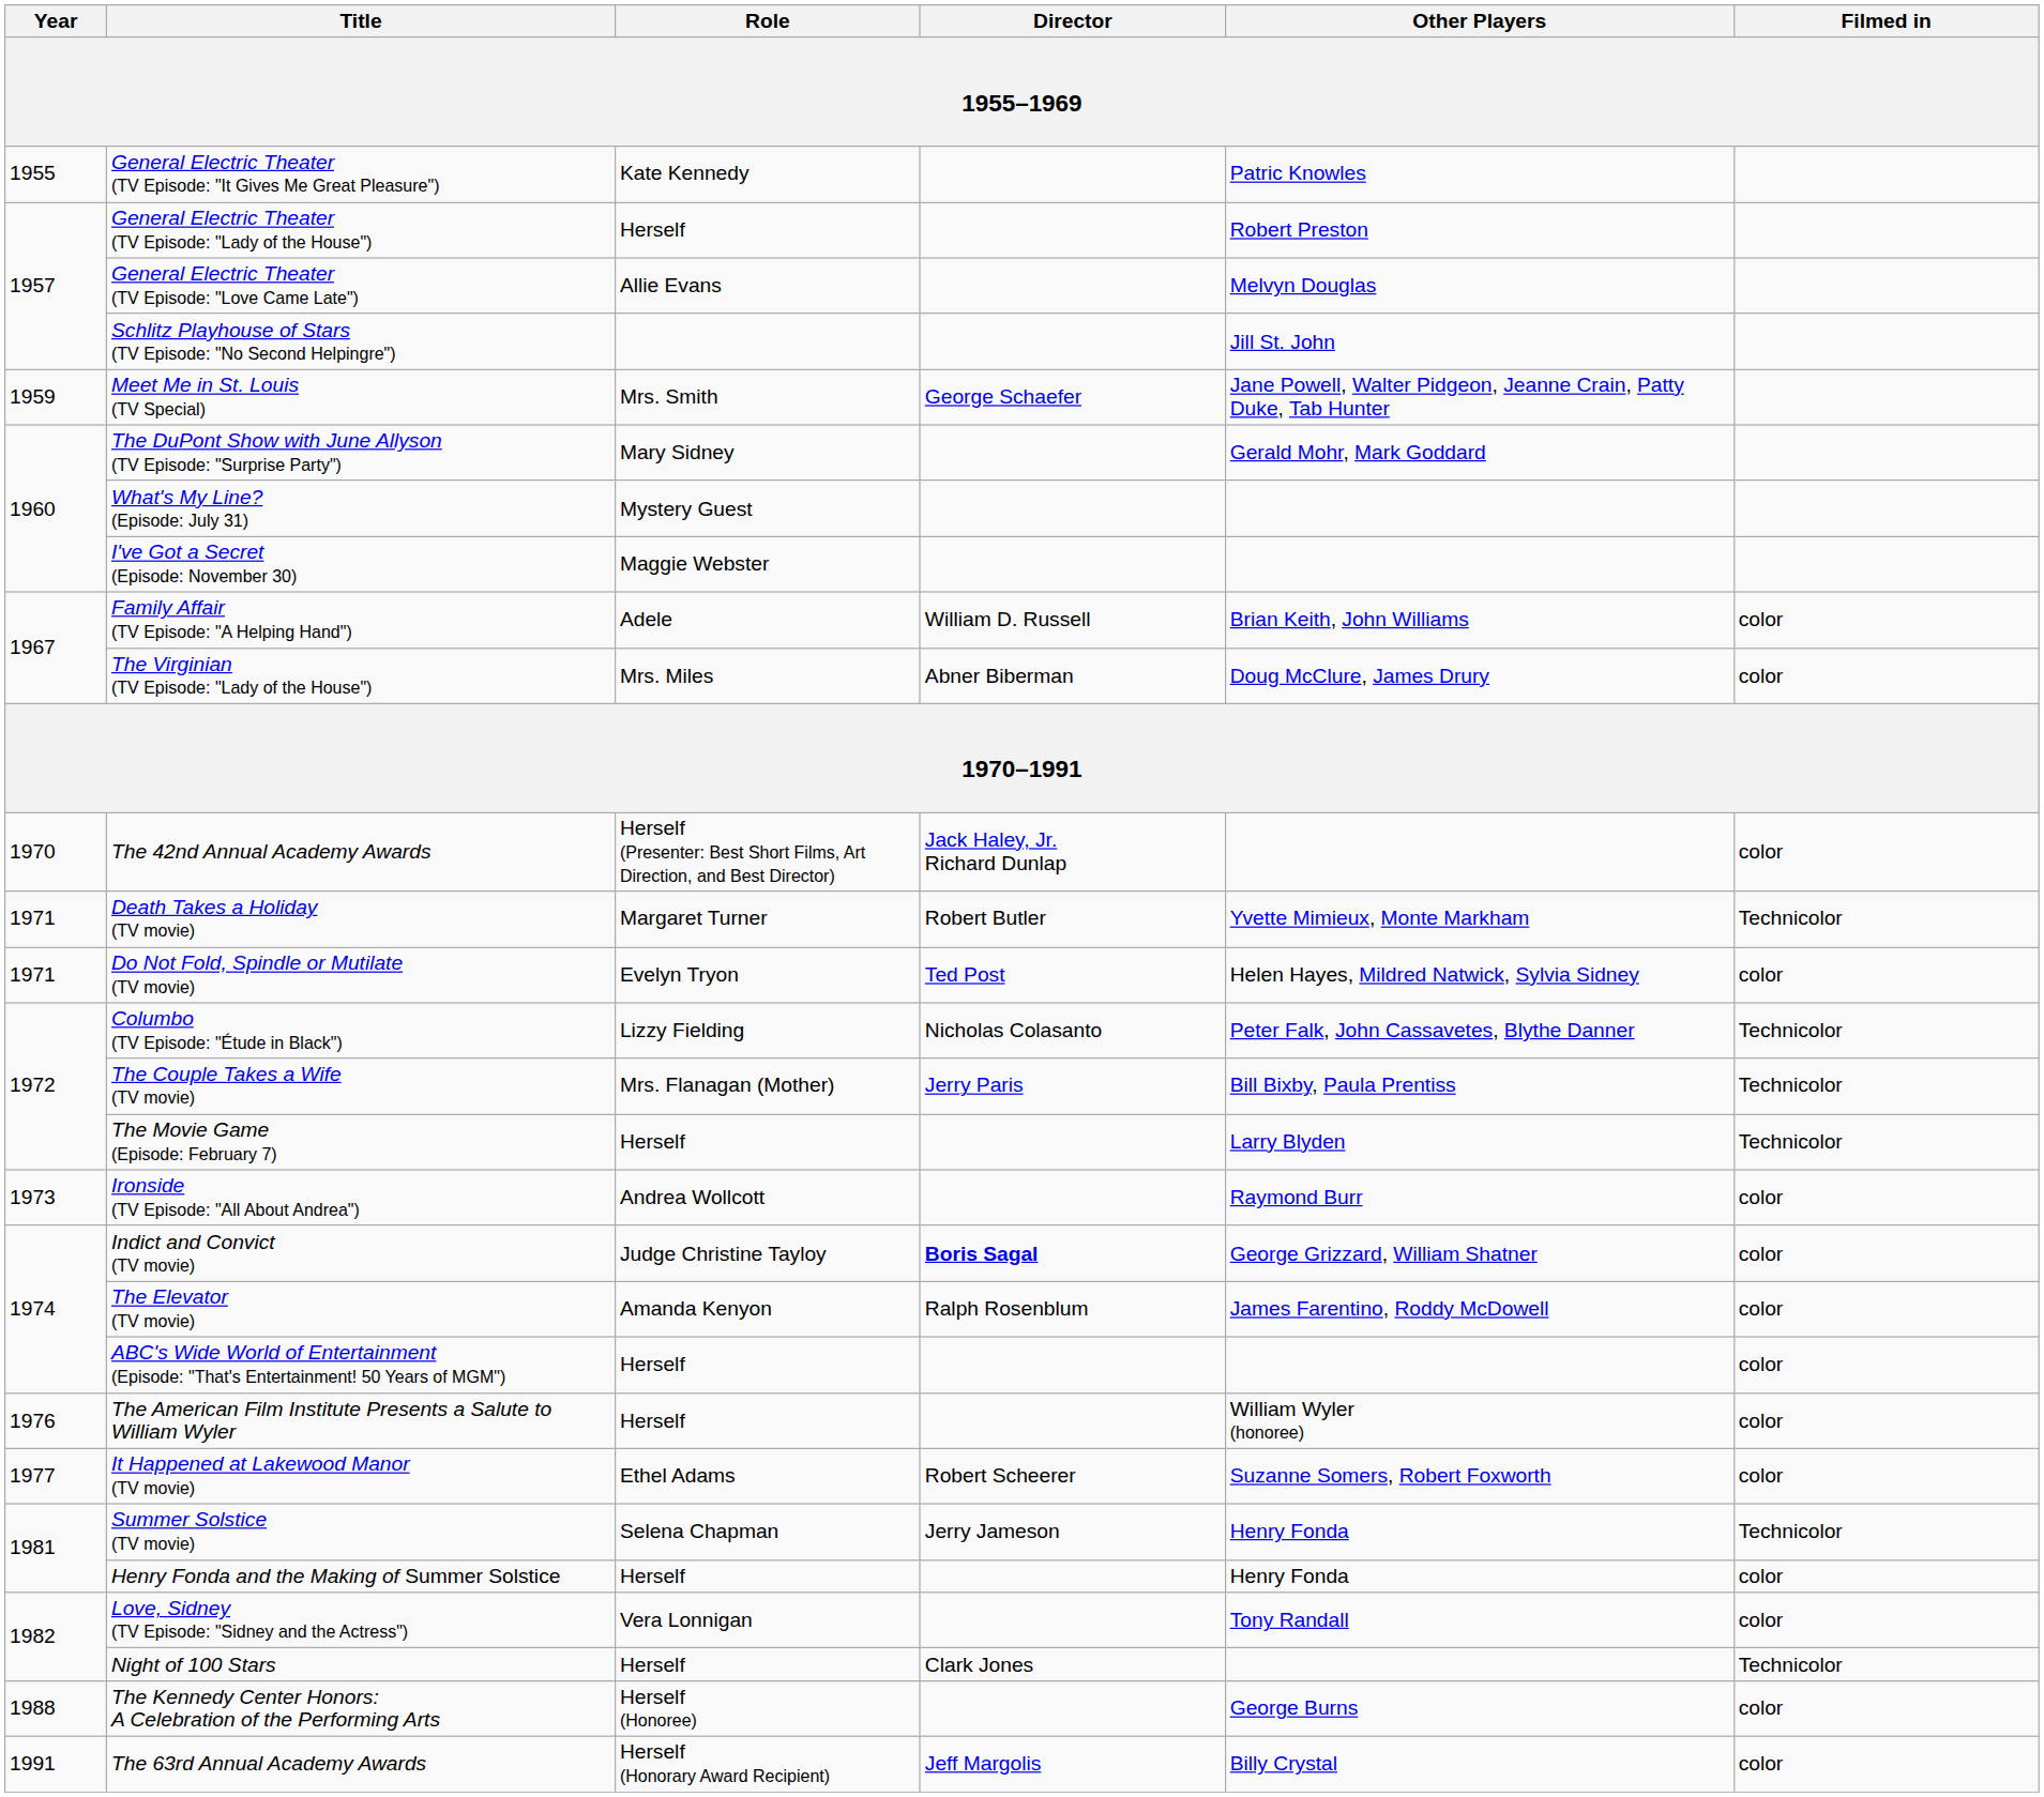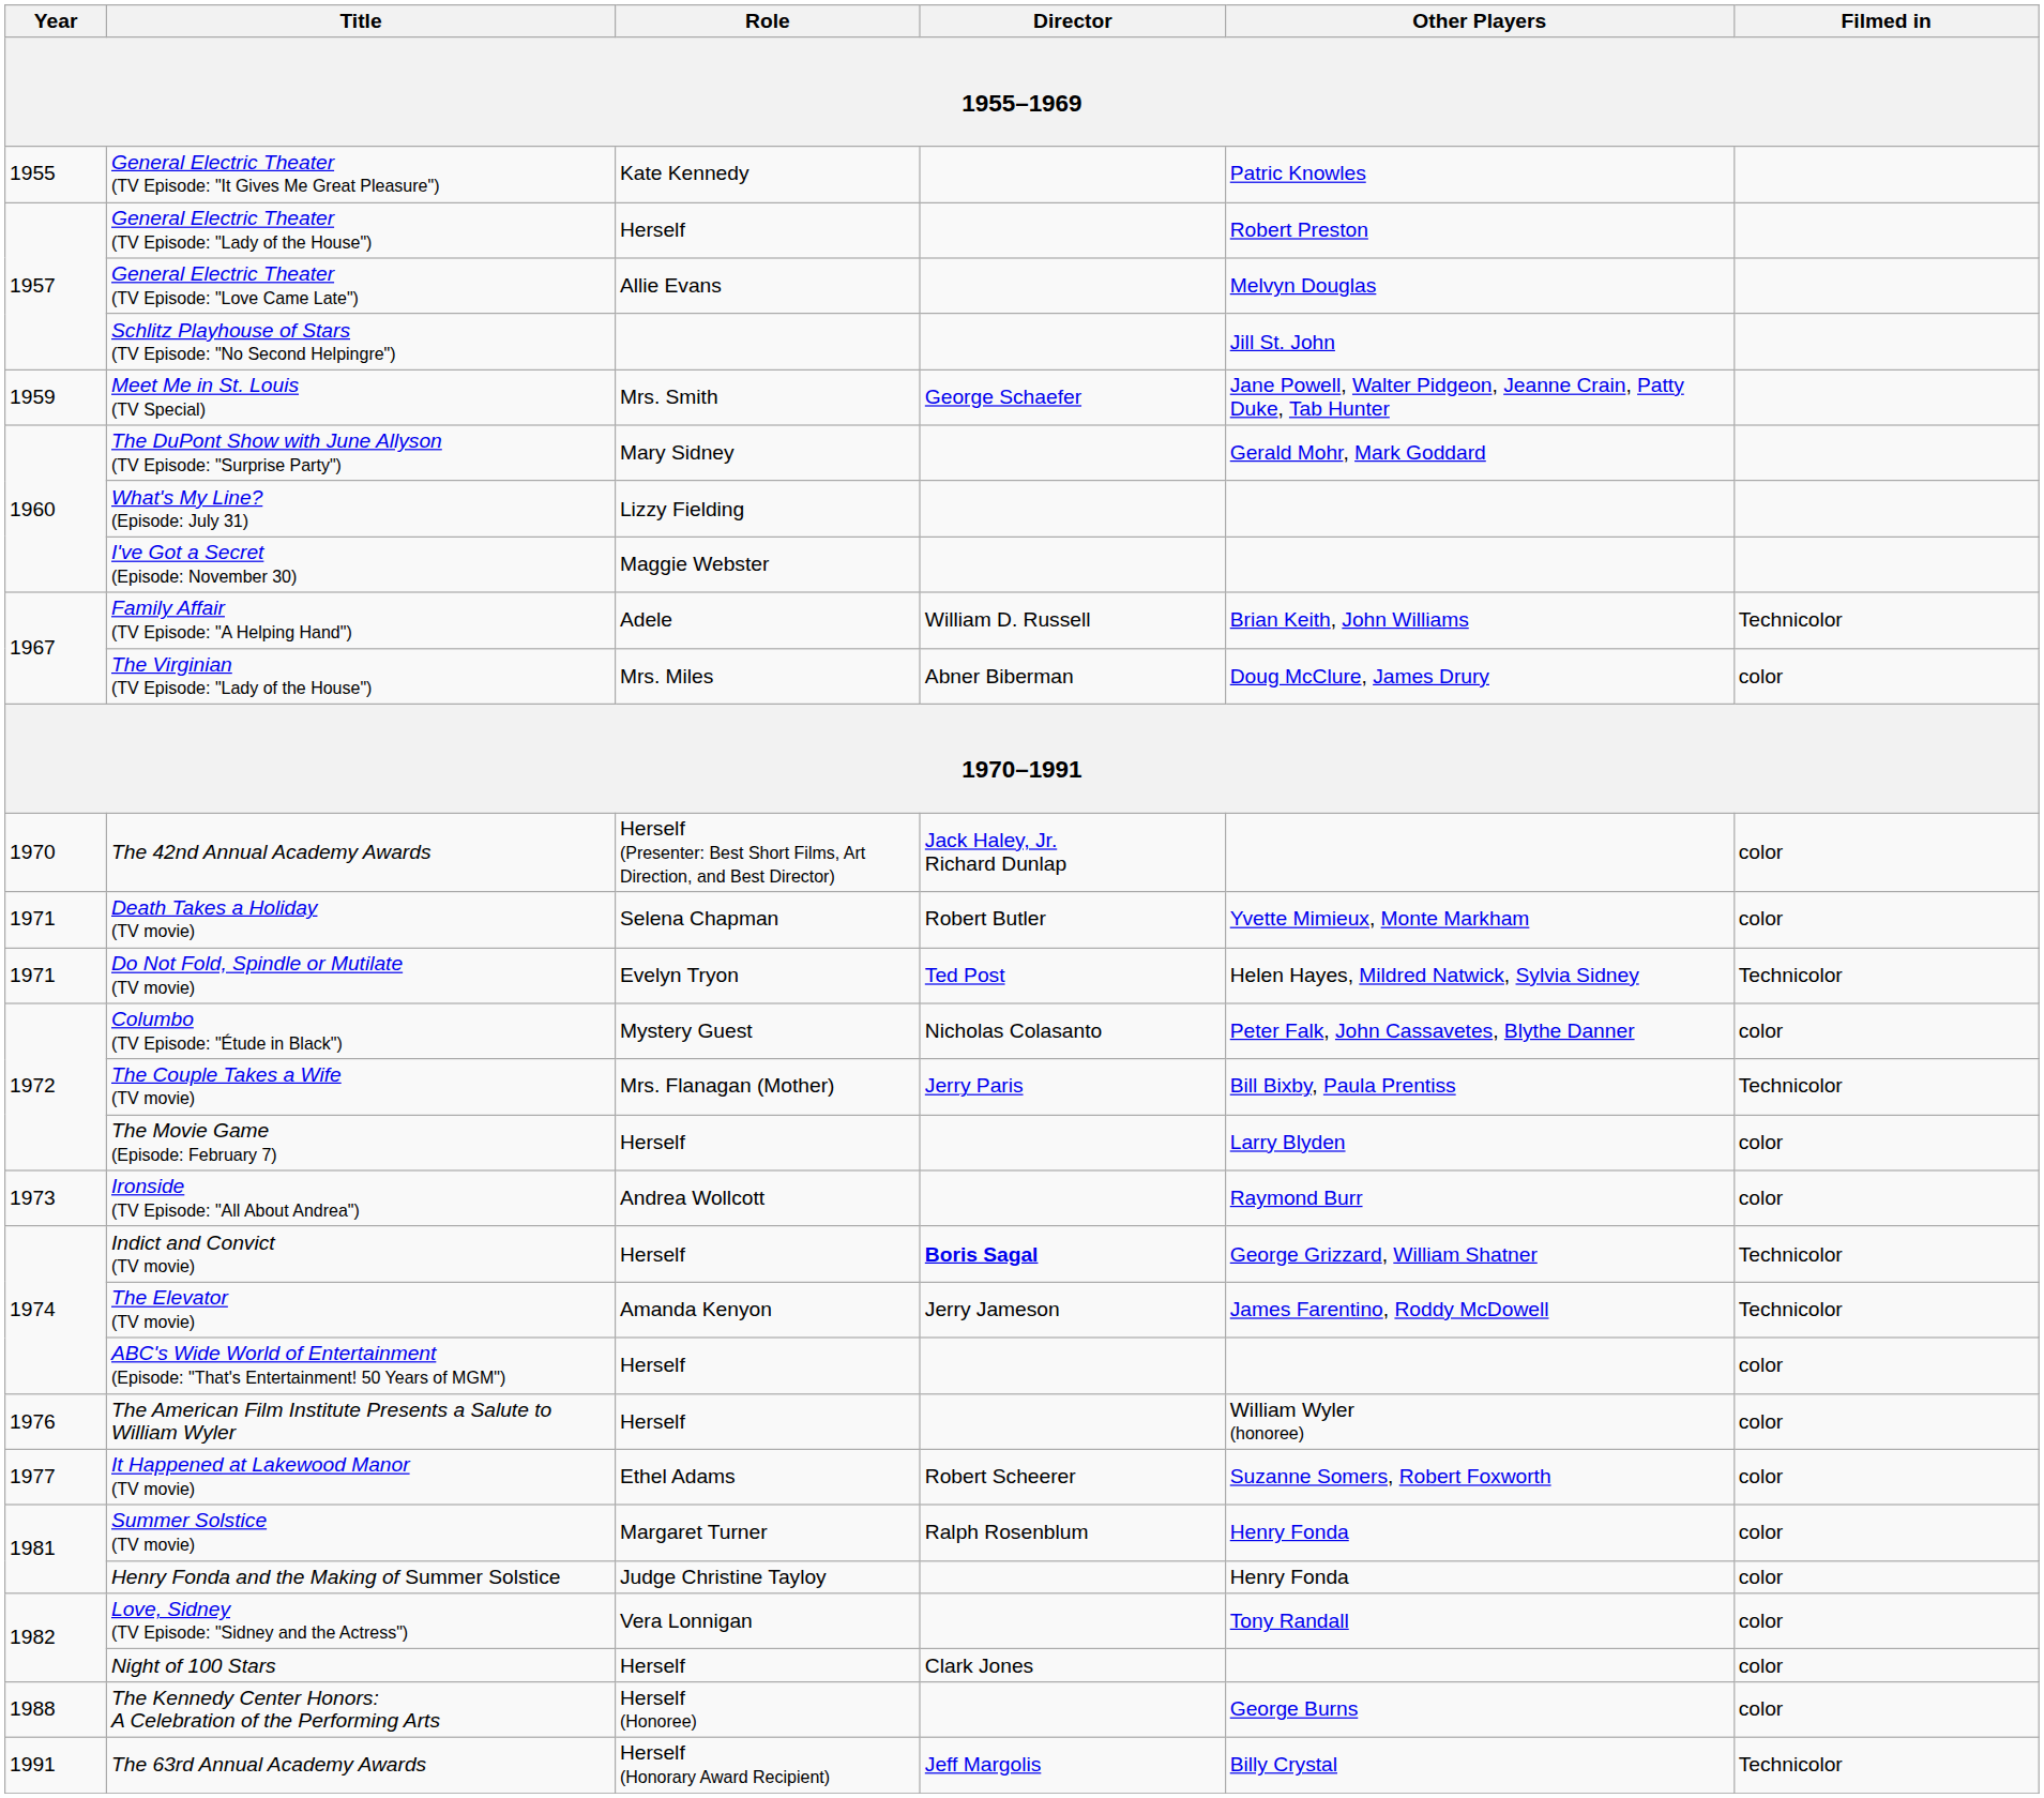 <table class="wikitable sortable" width="100%">
 <tr>
 <th width="5%">Year</th>
 <th width="25%">Title</th>
 <th width="15%">Role</th>
 <th width="15%">Director</th>
 <th width="25%" class="unsortable">Other Players</th>
 <th width="15%">Filmed in</th>
 </tr>
 <tr>
 <th colspan=6><br><h3>1955–1969</h3></th>
 </tr>
 <tr>
 <td>1955</td>
 <td><em><a href='#'>General Electric Theater</a></em><br><small>(TV Episode: "It Gives Me Great Pleasure")</small></td>
 <td>Kate Kennedy</td>
 <td></td>
 <td><a href='#'>Patric Knowles</a></td>
 <td></td>
 </tr>
 <tr>
 <td rowspan=3>1957</td>
 <td><em><a href='#'>General Electric Theater</a></em><br><small>(TV Episode: "Lady of the House")</small></td>
 <td>Herself</td>
 <td></td>
 <td><a href='#'>Robert Preston</a></td>
 <td></td>
 </tr>
 <tr>
 <td><em><a href='#'>General Electric Theater</a></em><br><small>(TV Episode: "Love Came Late")</small></td>
 <td>Allie Evans</td>
 <td></td>
 <td><a href='#'>Melvyn Douglas</a></td>
 <td></td>
 </tr>
 <tr>
 <td><em><a href='#'>Schlitz Playhouse of Stars</a></em><br><small>(TV Episode: "No Second Helpingre")</small></td>
 <td align=center></td>
 <td></td>
 <td><a href='#'>Jill St. John</a></td>
 <td></td>
 </tr>
 <tr>
 <td>1959</td>
 <td><em><a href='#'>Meet Me in St. Louis</a></em><br><small>(TV Special)</small></td>
 <td>Mrs. Smith</td>
 <td><a href='#'>George Schaefer</a></td>
 <td><a href='#'>Jane Powell</a>, <a href='#'>Walter Pidgeon</a>, <a href='#'>Jeanne Crain</a>, <a href='#'>Patty Duke</a>, <a href='#'>Tab Hunter</a></td>
 <td></td>
 </tr>
 <tr>
 <td rowspan=3>1960</td>
 <td><em><a href='#'>The DuPont Show with June Allyson</a></em><br><small>(TV Episode: "Surprise Party")</small></td>
 <td>Mary Sidney</td>
 <td></td>
 <td><a href='#'>Gerald Mohr</a>, <a href='#'>Mark Goddard</a></td>
 <td></td>
 </tr>
 <tr>
 <td><em><a href='#'>What's My Line?</a></em><br><small>(Episode: July 31)</small></td>
-<td>Mystery Guest</td>
+<td>Lizzy Fielding</td>
 <td></td>
 <td></td>
 <td></td>
 </tr>
 <tr>
 <td><em><a href='#'>I've Got a Secret</a></em><br><small>(Episode: November 30)</small></td>
 <td>Maggie Webster</td>
 <td></td>
 <td></td>
 <td></td>
 </tr>
 <tr>
 <td rowspan=2>1967</td>
 <td><em><a href='#'>Family Affair</a></em><br><small>(TV Episode: "A Helping Hand")</small></td>
 <td>Adele</td>
 <td>William D. Russell</td>
 <td><a href='#'>Brian Keith</a>, <a href='#'>John Williams</a></td>
-<td>color</td>
+<td>Technicolor</td>
 </tr>
 <tr>
 <td><em><a href='#'>The Virginian</a></em> <br><small>(TV Episode: "Lady of the House")</small></td>
 <td>Mrs. Miles</td>
 <td>Abner Biberman</td>
 <td><a href='#'>Doug McClure</a>, <a href='#'>James Drury</a></td>
 <td>color</td>
 </tr>
 <tr>
 <th colspan=6><br><h3>1970–1991</h3></th>
 </tr>
 <tr>
 <td>1970</td>
 <td><em>The 42nd Annual Academy Awards</em></td>
 <td>Herself<br><small>(Presenter: Best Short Films, Art Direction, and Best Director)</small></td>
 <td><a href='#'>Jack Haley, Jr.</a><br>Richard Dunlap</td>
 <td></td>
 <td>color</td>
 </tr>
 <tr>
 <td>1971</td>
 <td><em><a href='#'>Death Takes a Holiday</a></em><br><small>(TV movie)</small></td>
-<td>Margaret Turner</td>
+<td>Selena Chapman</td>
 <td>Robert Butler</td>
 <td><a href='#'>Yvette Mimieux</a>, <a href='#'>Monte Markham</a></td>
-<td>Technicolor</td>
+<td>color</td>
 </tr>
 <tr>
 <td>1971</td>
 <td><em><a href='#'>Do Not Fold, Spindle or Mutilate</a></em><br><small>(TV movie)</small></td>
 <td>Evelyn Tryon</td>
 <td><a href='#'>Ted Post</a></td>
 <td>Helen Hayes, <a href='#'>Mildred Natwick</a>, <a href='#'>Sylvia Sidney</a></td>
-<td>color</td>
+<td>Technicolor</td>
 </tr>
 <tr>
 <td rowspan=3>1972</td>
 <td><em><a href='#'>Columbo</a></em><br><small>(TV Episode: "Étude in Black")</small></td>
-<td>Lizzy Fielding</td>
+<td>Mystery Guest</td>
 <td>Nicholas Colasanto</td>
 <td><a href='#'>Peter Falk</a>, <a href='#'>John Cassavetes</a>, <a href='#'>Blythe Danner</a></td>
-<td>Technicolor</td>
+<td>color</td>
 </tr>
 <tr>
 <td><em><a href='#'>The Couple Takes a Wife</a></em><br><small>(TV movie)</small></td>
 <td>Mrs. Flanagan (Mother)</td>
 <td><a href='#'>Jerry Paris</a></td>
 <td><a href='#'>Bill Bixby</a>, <a href='#'>Paula Prentiss</a></td>
 <td>Technicolor</td>
 </tr>
 <tr>
 <td><em>The Movie Game</em> <br><small>(Episode: February 7)</small></td>
 <td>Herself</td>
 <td></td>
 <td><a href='#'>Larry Blyden</a></td>
-<td>Technicolor</td>
+<td>color</td>
 </tr>
 <tr>
 <td>1973</td>
 <td><em><a href='#'>Ironside</a></em><br><small>(TV Episode: "All About Andrea")</small></td>
 <td>Andrea Wollcott</td>
 <td></td>
 <td><a href='#'>Raymond Burr</a></td>
 <td>color</td>
 </tr>
 <tr>
 <td rowspan=3>1974</td>
 <td><em>Indict and Convict</em><br><small>(TV movie)</small></td>
-<td>Judge Christine Tayloy</td>
+<td>Herself</td>
 <td><strong><a href='#'>Boris Sagal</a></strong></td>
 <td><a href='#'>George Grizzard</a>, <a href='#'>William Shatner</a></td>
-<td>color</td>
+<td>Technicolor</td>
 </tr>
 <tr>
 <td><em><a href='#'>The Elevator</a></em><br><small>(TV movie)</small></td>
 <td>Amanda Kenyon</td>
-<td>Ralph Rosenblum</td>
+<td>Jerry Jameson</td>
 <td><a href='#'>James Farentino</a>, <a href='#'>Roddy McDowell</a></td>
-<td>color</td>
+<td>Technicolor</td>
 </tr>
 <tr>
 <td><em><a href='#'>ABC's Wide World of Entertainment</a></em><br><small>(Episode: "That's Entertainment! 50 Years of MGM")</small></td>
 <td>Herself</td>
 <td></td>
 <td></td>
 <td>color</td>
 </tr>
 <tr>
 <td>1976</td>
 <td><em>The American Film Institute Presents a Salute to William Wyler</em></td>
 <td>Herself</td>
 <td></td>
 <td>William Wyler<br><small>(honoree)</small></td>
 <td>color</td>
 </tr>
 <tr>
 <td>1977</td>
 <td><em><a href='#'>It Happened at Lakewood Manor</a></em><br><small>(TV movie)</small></td>
 <td>Ethel Adams</td>
 <td>Robert Scheerer</td>
 <td><a href='#'>Suzanne Somers</a>, <a href='#'>Robert Foxworth</a></td>
 <td>color</td>
 </tr>
 <tr>
 <td rowspan=2>1981</td>
 <td><em><a href='#'>Summer Solstice</a></em><br><small>(TV movie)</small></td>
-<td>Selena Chapman</td>
-<td>Jerry Jameson</td>
+<td>Margaret Turner</td>
+<td>Ralph Rosenblum</td>
 <td><a href='#'>Henry Fonda</a></td>
-<td>Technicolor</td>
+<td>color</td>
 </tr>
 <tr>
 <td><em>Henry Fonda and the Making of</em> Summer Solstice</td>
-<td>Herself</td>
+<td>Judge Christine Tayloy</td>
 <td></td>
 <td>Henry Fonda</td>
 <td>color</td>
 </tr>
 <tr>
 <td rowspan=2>1982</td>
 <td><em><a href='#'>Love, Sidney</a></em><br><small>(TV Episode: "Sidney and the Actress")</small></td>
 <td>Vera Lonnigan</td>
 <td></td>
 <td><a href='#'>Tony Randall</a></td>
 <td>color</td>
 </tr>
 <tr>
 <td><em>Night of 100 Stars</em></td>
 <td>Herself</td>
 <td>Clark Jones</td>
 <td></td>
-<td>Technicolor</td>
+<td>color</td>
 </tr>
 <tr>
 <td>1988</td>
 <td><em>The Kennedy Center Honors:<br> A Celebration of the Performing Arts</em></td>
 <td>Herself<br><small>(Honoree)</small></td>
 <td></td>
 <td><a href='#'>George Burns</a></td>
 <td>color</td>
 </tr>
 <tr>
 <td>1991</td>
 <td><em>The 63rd Annual Academy Awards</em></td>
 <td>Herself<br><small>(Honorary Award Recipient)</small></td>
 <td><a href='#'>Jeff Margolis</a></td>
 <td><a href='#'>Billy Crystal</a></td>
-<td>color</td>
+<td>Technicolor</td>
 </tr>
 <tr>
 </tr>
 </table>
